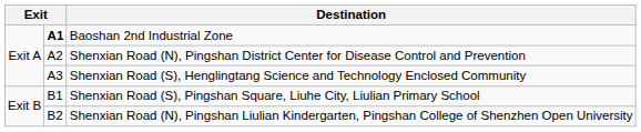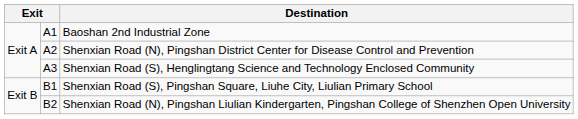 <table class="wikitable">
 <tr>
 <th style="width:70px" colspan=2>Exit</th>
 <th>Destination</th>
 </tr>
 <tr>
 <td align=center rowspan=3>Exit A</td>
-<td><strong>A1</strong></td>
+<td>A1</td>
 <td>Baoshan 2nd Industrial Zone</td>
 </tr>
 <tr>
 <td>A2</td>
 <td>Shenxian Road (N), Pingshan District Center for Disease Control and Prevention</td>
 </tr>
 <tr>
 <td>A3</td>
 <td>Shenxian Road (S), Henglingtang Science and Technology Enclosed Community</td>
 </tr>
 <tr>
 <td align=center rowspan=2>Exit B</td>
 <td>B1</td>
 <td>Shenxian Road (S), Pingshan Square, Liuhe City, Liulian Primary School</td>
 </tr>
 <tr>
 <td>B2</td>
 <td>Shenxian Road (N), Pingshan Liulian Kindergarten, Pingshan College of Shenzhen Open University</td>
 </tr>
 </table>
